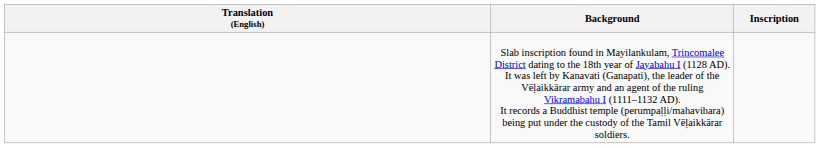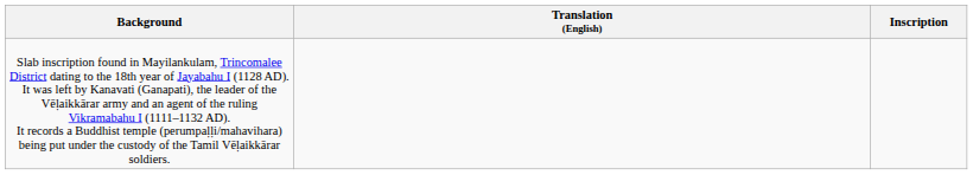 <table class="wikitable centre">
 <tr>
+<th scope="col" align=left>Background<br></th>
 <th>Translation<br><small>(English)</small></th>
-<th scope="col" align=left>Background<br></th>
 <th>Inscription<br></th>
 </tr>
 <tr>
+<td align=center width="30%"><br>Slab inscription found in Mayilankulam, <a href='#'>Trincomalee District</a> dating to the 18th year of <a href='#'>Jayabahu I</a> (1128 AD).<br>It was left by Kanavati (Ganapati), the leader of the Vēḷaikkārar army and an agent of the ruling <a href='#'>Vikramabahu I</a> (1111–1132 AD).<br>It records a Buddhist temple (perumpaḷḷi/mahavihara) being put under the custody of the Tamil Vēḷaikkārar soldiers.</td>
 <td align=left><br></td>
-<td align=center width="30%"><br>Slab inscription found in Mayilankulam, <a href='#'>Trincomalee District</a> dating to the 18th year of <a href='#'>Jayabahu I</a> (1128 AD).<br>It was left by Kanavati (Ganapati), the leader of the Vēḷaikkārar army and an agent of the ruling <a href='#'>Vikramabahu I</a> (1111–1132 AD).<br>It records a Buddhist temple (perumpaḷḷi/mahavihara) being put under the custody of the Tamil Vēḷaikkārar soldiers.</td>
 <td align=center width="10%"><br></td>
 </tr>
 </table>
